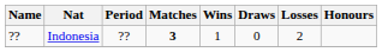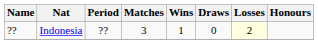 <table class="wikitable">
 <tr>
 <th>Name</th>
 <th>Nat</th>
 <th>Period</th>
 <th>Matches</th>
 <th>Wins</th>
 <th>Draws</th>
 <th>Losses</th>
 <th>Honours</th>
 </tr>
 <tr>
 <td>??</td>
 <td align="center"> <a href='#'>Indonesia</a></td>
 <td align="center">??</td>
-<td align="center"><strong>3</strong></td>
+<td align="center">3</td>
 <td align="center">1</td>
 <td align="center">0</td>
-<td align="center">2</td>
+<td align="center" style="background: lightyellow;">2</td>
 <td></td>
 </tr>
 <tr>
 </tr>
 </table>
